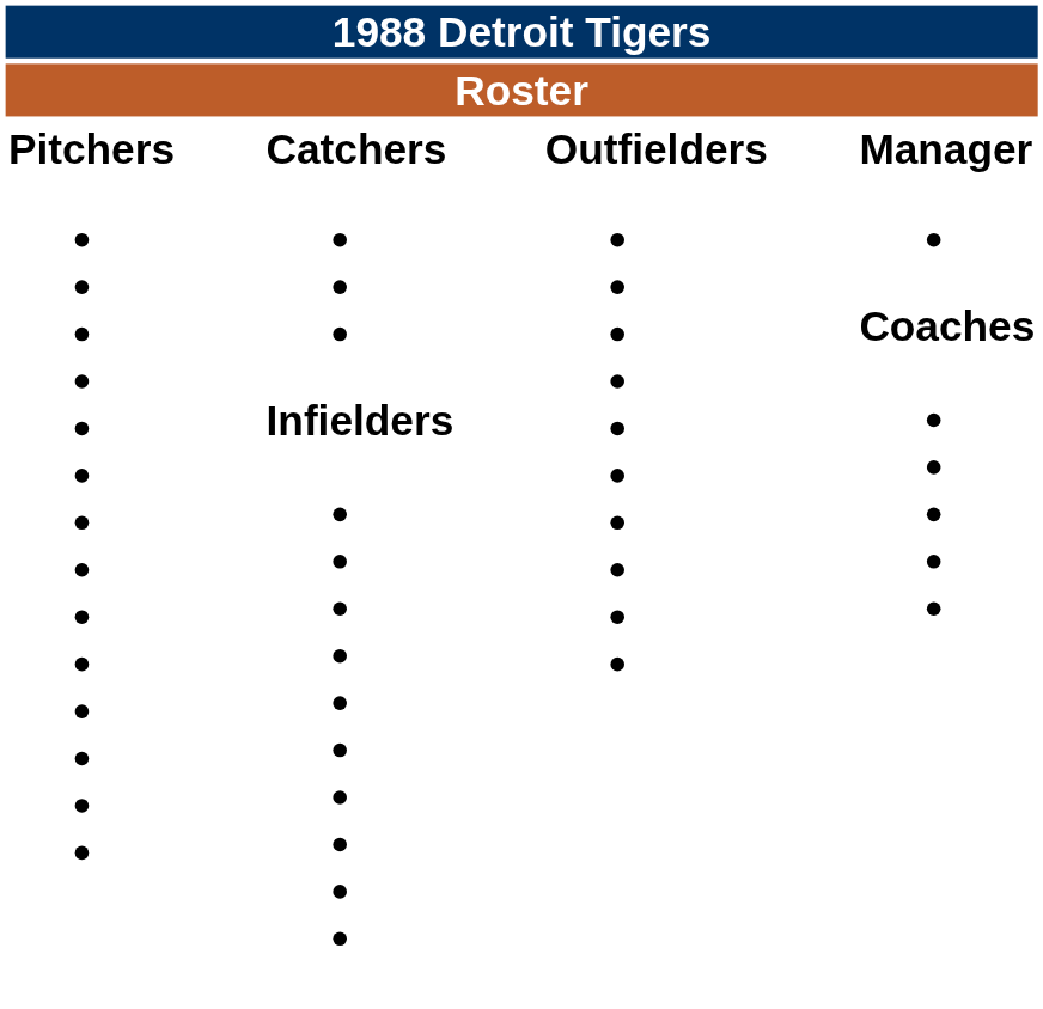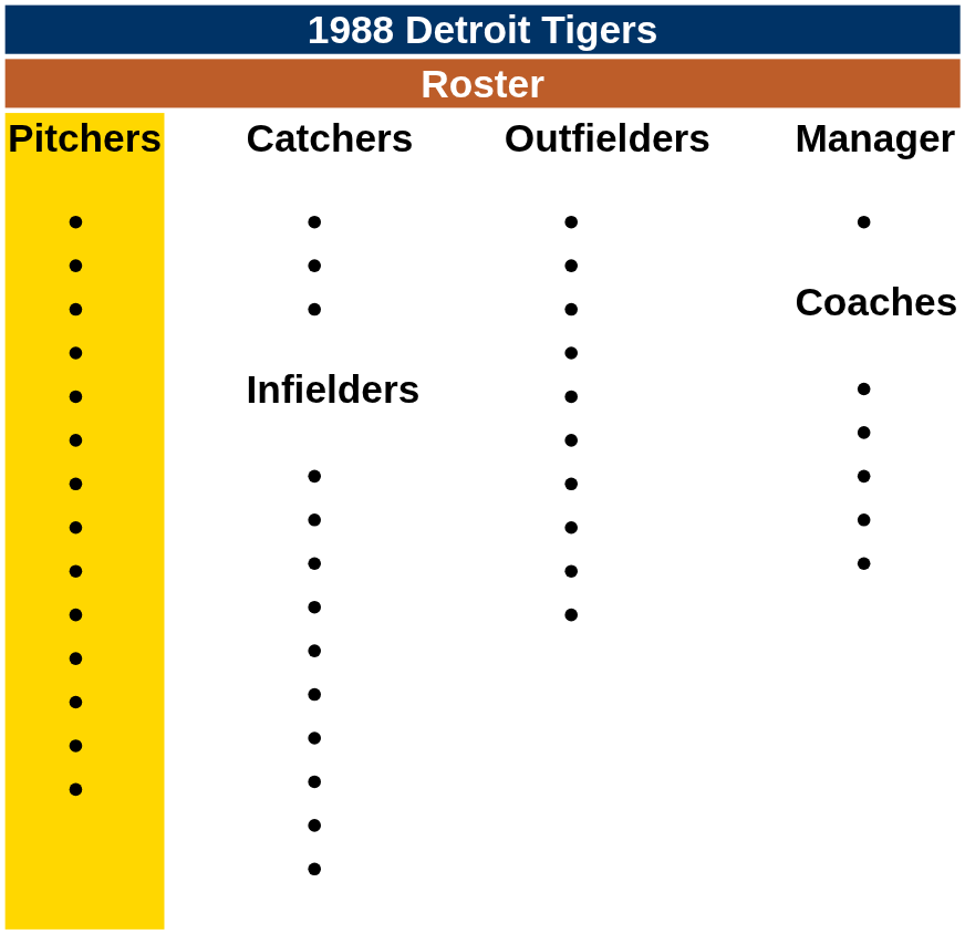 <table class="toccolours" style="font-size: 95%;">
 <tr>
 <th colspan="10" style="background-color: #003366; color: white; text-align: center;">1988 Detroit Tigers</th>
 </tr>
 <tr>
 <td colspan="10" style="background-color: #bd5d29; color: white; text-align: center;"><strong>Roster</strong></td>
 </tr>
 <tr>
-<td valign="top"><strong>Pitchers</strong><br><ul><li></li><li></li><li></li><li></li><li></li><li></li><li></li><li></li><li></li><li></li><li></li><li></li><li></li><li></li></ul></td>
+<td valign="top" style="background: gold;"><strong>Pitchers</strong><br><ul><li></li><li></li><li></li><li></li><li></li><li></li><li></li><li></li><li></li><li></li><li></li><li></li><li></li><li></li></ul></td>
 <td width="25px"></td>
 <td valign="top"><strong>Catchers</strong><br><ul><li></li><li></li><li></li></ul><strong>Infielders</strong><ul><li></li><li></li><li></li><li></li><li></li><li></li><li></li><li></li><li></li><li></li></ul></td>
 <td width="25px"></td>
 <td valign="top"><strong>Outfielders</strong><br><ul><li></li><li></li><li></li><li></li><li></li><li></li><li></li><li></li><li></li><li></li></ul></td>
 <td width="25px"></td>
 <td valign="top"><strong>Manager</strong><br><ul><li></li></ul><strong>Coaches</strong><ul><li></li><li></li><li></li><li></li><li></li></ul></td>
 </tr>
 <tr>
 </tr>
 </table>
